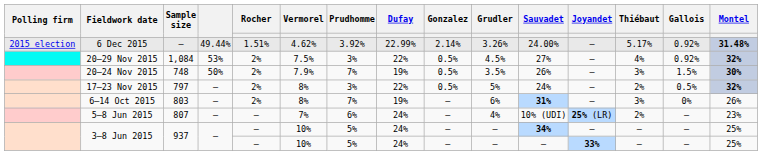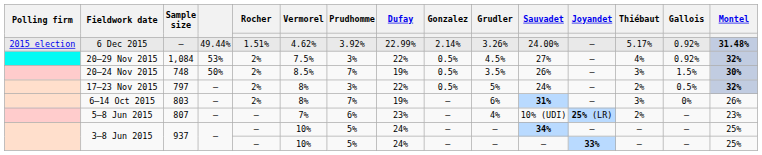 <table class="wikitable sortable" style="text-align:center;font-size:90%;line-height:14px;">
 <tr style="height:40px;">
 <th style="width:100px;" rowspan="2">Polling firm</th>
 <th style="width:110px;" rowspan="2">Fieldwork date</th>
 <th style="width:35px;" rowspan="2">Sample<br>size</th>
 <th style="width:30px;" rowspan="2"></th>
 <th class="unsortable" style="width:60px;">Rocher<br></th>
 <th class="unsortable" style="width:60px;">Vermorel<br></th>
 <th class="unsortable" style="width:60px;">Prudhomme<br></th>
 <th class="unsortable" style="width:60px;"><a href='#'>Dufay</a><br></th>
 <th class="unsortable" style="width:60px;">Gonzalez<br></th>
 <th class="unsortable" style="width:60px;">Grudler<br></th>
 <th class="unsortable" style="width:60px;"><a href='#'>Sauvadet</a><br></th>
 <th class="unsortable" style="width:60px;"><a href='#'>Joyandet</a><br></th>
 <th class="unsortable" style="width:60px;">Thiébaut<br></th>
 <th class="unsortable" style="width:60px;">Gallois<br></th>
 <th class="unsortable" style="width:60px;"><a href='#'>Montel</a><br></th>
 </tr>
 <tr>
 <th style="background:"></th>
 <th style="background:"></th>
 <th style="background:"></th>
 <th style="background:"></th>
 <th style="background:"></th>
 <th style="background:"></th>
 <th style="background:"></th>
 <th style="background:"></th>
 <th style="background:"></th>
 <th style="background:"></th>
 <th style="background:"></th>
 </tr>
 <tr style="background:#E9E9E9;">
 <td><a href='#'>2015 election</a></td>
 <td data-sort-value="2015-12-06">6 Dec 2015</td>
 <td>–</td>
 <td>49.44%</td>
 <td>1.51%</td>
 <td>4.62%</td>
 <td>3.92%</td>
 <td>22.99%</td>
 <td>2.14%</td>
 <td>3.26%</td>
 <td>24.00%</td>
 <td>–</td>
 <td>5.17%</td>
 <td>0.92%</td>
 <td style="background:#C1CCE1;"><strong>31.48%</strong></td>
 </tr>
 <tr>
 <td style="background:#04FBF4;"></td>
 <td data-sort-value="2015-11-29">20–29 Nov 2015</td>
 <td>1,084</td>
 <td>53%</td>
 <td>2%</td>
 <td>7.5%</td>
 <td>3%</td>
 <td>22%</td>
 <td>0.5%</td>
 <td>4.5%</td>
 <td>27%</td>
 <td>–</td>
 <td>4%</td>
 <td>0.92%</td>
 <td style="background:#C1CCE1;"><strong>32%</strong></td>
 </tr>
 <tr>
 <td style="background:#FFCCCC;"></td>
 <td data-sort-value="2015-11-24">20–24 Nov 2015</td>
 <td>748</td>
 <td>50%</td>
 <td>2%</td>
-<td>7.9%</td>
+<td>8.5%</td>
 <td>7%</td>
 <td>19%</td>
 <td>0.5%</td>
 <td>3.5%</td>
 <td>26%</td>
 <td>–</td>
 <td>3%</td>
 <td>1.5%</td>
 <td style="background:#C1CCE1;"><strong>30%</strong></td>
 </tr>
 <tr>
 <td style="background:#FFDFCC;"></td>
 <td data-sort-value="2015-11-23">17–23 Nov 2015</td>
 <td>797</td>
 <td>–</td>
 <td>2%</td>
 <td>8%</td>
 <td>3%</td>
 <td>22%</td>
 <td>0.5%</td>
 <td>5%</td>
 <td>24%</td>
 <td>–</td>
 <td>2%</td>
 <td>0.5%</td>
 <td style="background:#C1CCE1;"><strong>32%</strong></td>
 </tr>
 <tr>
 <td style="background:#FFDFCC;"></td>
 <td data-sort-value="2015-10-14">6–14 Oct 2015</td>
 <td>803</td>
 <td>–</td>
 <td>2%</td>
 <td>8%</td>
 <td>7%</td>
 <td>19%</td>
 <td>–</td>
 <td>6%</td>
 <td style="background:#B9DAFF;"><strong>31%</strong></td>
 <td>–</td>
 <td>3%</td>
 <td>0%</td>
 <td>26%</td>
 </tr>
 <tr>
 <td style="background:#FFCCCC;"></td>
 <td data-sort-value="2015-06-08">5–8 Jun 2015</td>
 <td>807</td>
 <td>–</td>
 <td>–</td>
 <td>7%</td>
 <td>6%</td>
-<td>24%</td>
+<td>23%</td>
 <td>–</td>
 <td>4%</td>
 <td>10% (UDI)</td>
 <td style="background:#B9DAFF;"><strong>25%</strong> (LR)</td>
 <td>2%</td>
 <td>–</td>
 <td>23%</td>
 </tr>
 <tr>
 <td rowspan="2" style="background:#FFDFCC;"></td>
 <td rowspan="2" data-sort-value="2015-06-08">3–8 Jun 2015</td>
 <td rowspan="2">937</td>
 <td rowspan="2">–</td>
 <td>–</td>
 <td>10%</td>
 <td>5%</td>
 <td>24%</td>
 <td>–</td>
 <td>–</td>
 <td style="background:#B9DAFF;"><strong>34%</strong></td>
 <td>–</td>
 <td>–</td>
 <td>–</td>
 <td>25%</td>
 </tr>
 <tr>
 <td>–</td>
 <td>10%</td>
 <td>5%</td>
 <td>24%</td>
 <td>–</td>
 <td>–</td>
 <td>–</td>
 <td style="background:#B9DAFF;"><strong>33%</strong></td>
 <td>–</td>
 <td>–</td>
 <td>25%</td>
 </tr>
 </table>
